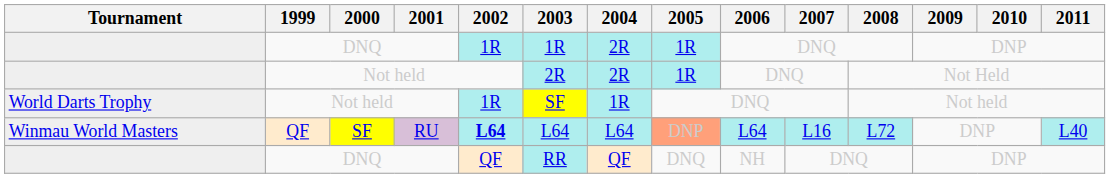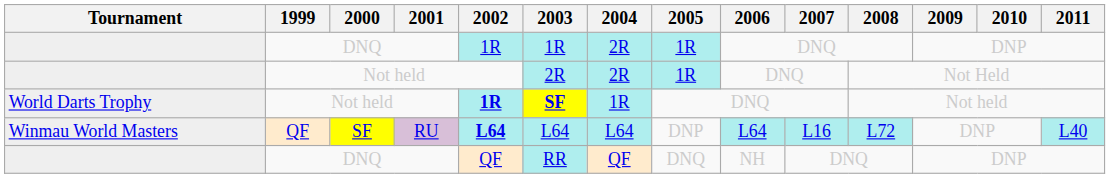 <table class="wikitable" style="width:50%; margin:0">
 <tr>
 <th>Tournament</th>
 <th>1999</th>
 <th>2000</th>
 <th>2001</th>
 <th>2002</th>
 <th>2003</th>
 <th>2004</th>
 <th>2005</th>
 <th>2006</th>
 <th>2007</th>
 <th>2008</th>
 <th>2009</th>
 <th>2010</th>
 <th>2011</th>
 </tr>
 <tr>
 <td style="background:#efefef;"></td>
 <td colspan="3" style="text-align:center; color:#ccc;">DNQ</td>
 <td style="text-align:center; background:#afeeee;"><a href='#'>1R</a></td>
 <td style="text-align:center; background:#afeeee;"><a href='#'>1R</a></td>
 <td style="text-align:center; background:#afeeee;"><a href='#'>2R</a></td>
 <td style="text-align:center; background:#afeeee;"><a href='#'>1R</a></td>
 <td colspan="3" style="text-align:center; color:#ccc;">DNQ</td>
 <td colspan="3" style="text-align:center; color:#ccc;">DNP</td>
 </tr>
 <tr>
 <td style="background:#efefef;"></td>
 <td colspan="4" style="text-align:center; color:#ccc;">Not held</td>
 <td style="text-align:center; background:#afeeee;"><a href='#'>2R</a></td>
 <td style="text-align:center; background:#afeeee;"><a href='#'>2R</a></td>
 <td style="text-align:center; background:#afeeee;"><a href='#'>1R</a></td>
 <td colspan="2" style="text-align:center; color:#ccc;">DNQ</td>
 <td colspan="4" style="text-align:center; color:#ccc;">Not Held</td>
 </tr>
 <tr>
 <td style="background:#efefef;"><a href='#'>World Darts Trophy</a></td>
 <td colspan="3" style="text-align:center; color:#ccc;">Not held</td>
-<td style="text-align:center; background:#afeeee;"><a href='#'>1R</a></td>
-<td style="text-align:center; background:yellow;"><a href='#'>SF</a></td>
+<td style="text-align:center; background:#afeeee;"><strong><a href='#'>1R</a></strong></td>
+<td style="text-align:center; background:yellow;"><strong><a href='#'>SF</a></strong></td>
 <td style="text-align:center; background:#afeeee;"><a href='#'>1R</a></td>
 <td colspan="3" style="text-align:center; color:#ccc;">DNQ</td>
 <td colspan="4" style="text-align:center; color:#ccc;">Not held</td>
 </tr>
 <tr>
 <td style="background:#efefef;"><a href='#'>Winmau World Masters</a></td>
 <td style="text-align:center; background:#ffebcd;"><a href='#'>QF</a></td>
 <td style="text-align:center; background:yellow;"><a href='#'>SF</a></td>
 <td style="text-align:center; background:thistle;"><a href='#'>RU</a></td>
 <td style="text-align:center; background:#afeeee;"><strong><a href='#'>L64</a></strong></td>
 <td style="text-align:center; background:#afeeee;"><a href='#'>L64</a></td>
 <td style="text-align:center; background:#afeeee;"><a href='#'>L64</a></td>
-<td colspan="1" style="background: lightsalmon; text-align:center; color:#ccc;">DNP</td>
+<td colspan="1" style="text-align:center; color:#ccc;">DNP</td>
 <td style="text-align:center; background:#afeeee;"><a href='#'>L64</a></td>
 <td style="text-align:center; background:#afeeee;"><a href='#'>L16</a></td>
 <td style="text-align:center; background:#afeeee;"><a href='#'>L72</a></td>
 <td colspan="2" style="text-align:center; color:#ccc;">DNP</td>
 <td style="text-align:center; background:#afeeee;"><a href='#'>L40</a></td>
 </tr>
 <tr>
 <td style="background:#efefef;"></td>
 <td colspan="3" style="text-align:center; color:#ccc;">DNQ</td>
 <td style="text-align:center; background:#ffebcd;"><a href='#'>QF</a></td>
 <td style="text-align:center; background:#afeeee;"><a href='#'>RR</a></td>
 <td style="text-align:center; background:#ffebcd;"><a href='#'>QF</a></td>
 <td colspan="1" style="text-align:center; color:#ccc;">DNQ</td>
 <td colspan="1" style="text-align:center; color:#ccc;">NH</td>
 <td colspan="2" style="text-align:center; color:#ccc;">DNQ</td>
 <td colspan="3" style="text-align:center; color:#ccc;">DNP</td>
 </tr>
 </table>
